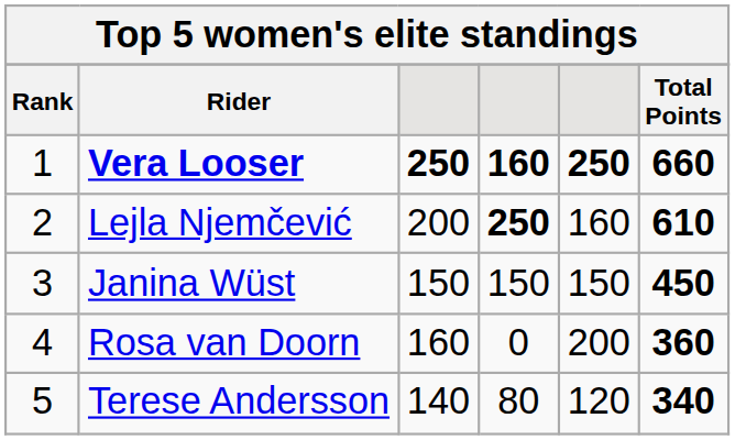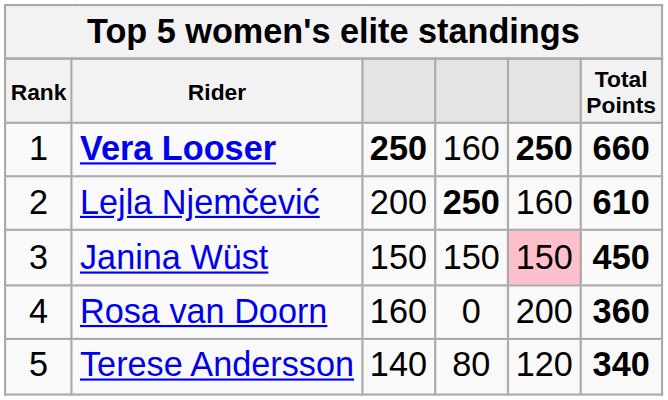 <table class="wikitable sortable">
 <tr>
 <th colspan=6 align="center"><strong>Top 5 women's elite standings</strong></th>
 </tr>
 <tr>
 </tr>
 <tr style="font-size:8pt;font-weight:bold">
 <th align="center">Rank</th>
 <th align="center">Rider</th>
 <th class=unsortable style="background:#E5E4E2;"><small></small></th>
 <th class=unsortable style="background:#E5E4E2;"><small></small></th>
 <th class=unsortable style="background:#E5E4E2;"><small></small></th>
 <th align="center">Total<br>Points</th>
 </tr>
 <tr>
 <td align=center>1</td>
 <td> <strong><a href='#'>Vera Looser</a></strong></td>
 <td align=center><strong>250</strong></td>
-<td align=center><strong>160</strong></td>
+<td align=center>160</td>
 <td align=center><strong>250</strong></td>
 <td align=center><strong>660</strong></td>
 </tr>
 <tr>
 <td align=center>2</td>
 <td> <a href='#'>Lejla Njemčević</a></td>
 <td align=center>200</td>
 <td align=center><strong>250</strong></td>
 <td align=center>160</td>
 <td align=center><strong>610</strong></td>
 </tr>
 <tr>
 <td align=center>3</td>
 <td> <a href='#'>Janina Wüst</a></td>
 <td align=center>150</td>
 <td align=center>150</td>
-<td align=center>150</td>
+<td align=center style="background: pink;">150</td>
 <td align=center><strong>450</strong></td>
 </tr>
 <tr>
 <td align=center>4</td>
 <td> <a href='#'>Rosa van Doorn</a></td>
 <td align=center>160</td>
 <td align=center>0</td>
 <td align=center>200</td>
 <td align=center><strong>360</strong></td>
 </tr>
 <tr>
 <td align=center>5</td>
 <td> <a href='#'>Terese Andersson</a></td>
 <td align=center>140</td>
 <td align=center>80</td>
 <td align=center>120</td>
 <td align=center><strong>340</strong><br></td>
 </tr>
 </table>
